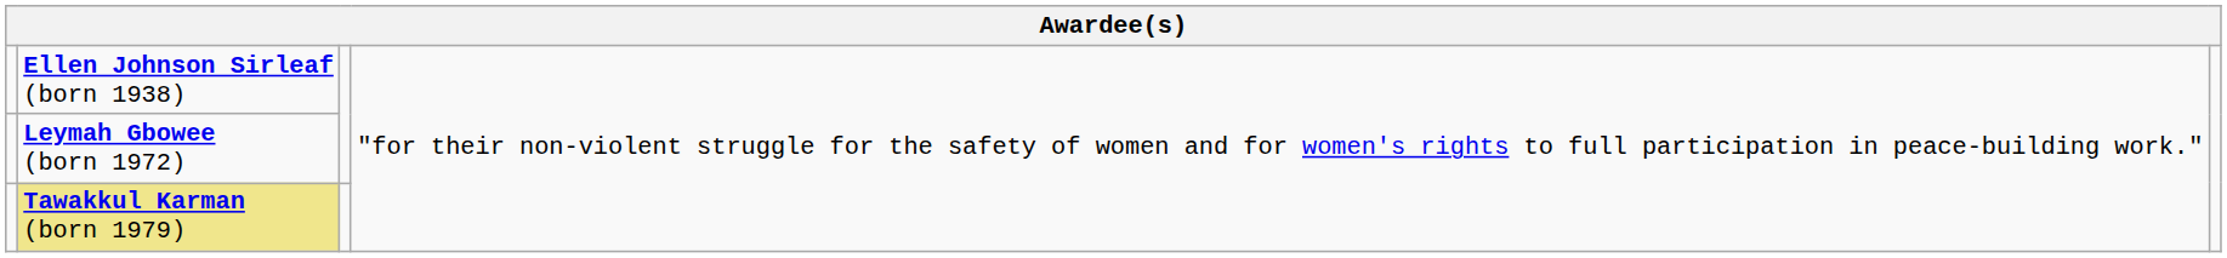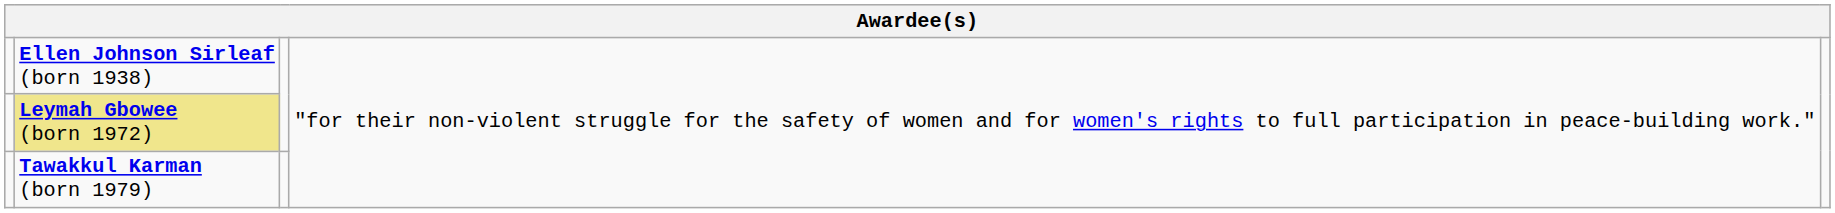 <table class="wikitable">
 <tr>
 <th colspan="5">Awardee(s)</th>
 </tr>
 <tr>
 <td></td>
 <td><strong><a href='#'>Ellen Johnson Sirleaf</a></strong><br>(born 1938)</td>
 <td rowspan="2"></td>
 <td rowspan="3">"for their non-violent struggle for the safety of women and for <a href='#'>women's rights</a> to full participation in peace-building work."</td>
 <td rowspan="3"></td>
 </tr>
 <tr>
 <td></td>
-<td><strong><a href='#'>Leymah Gbowee</a></strong><br>(born 1972)</td>
+<td style="background: khaki;"><strong><a href='#'>Leymah Gbowee</a></strong><br>(born 1972)</td>
 </tr>
 <tr>
 <td></td>
-<td style="background: khaki;"><strong><a href='#'>Tawakkul Karman</a></strong><br>(born 1979)</td>
+<td><strong><a href='#'>Tawakkul Karman</a></strong><br>(born 1979)</td>
 <td></td>
 </tr>
 </table>
